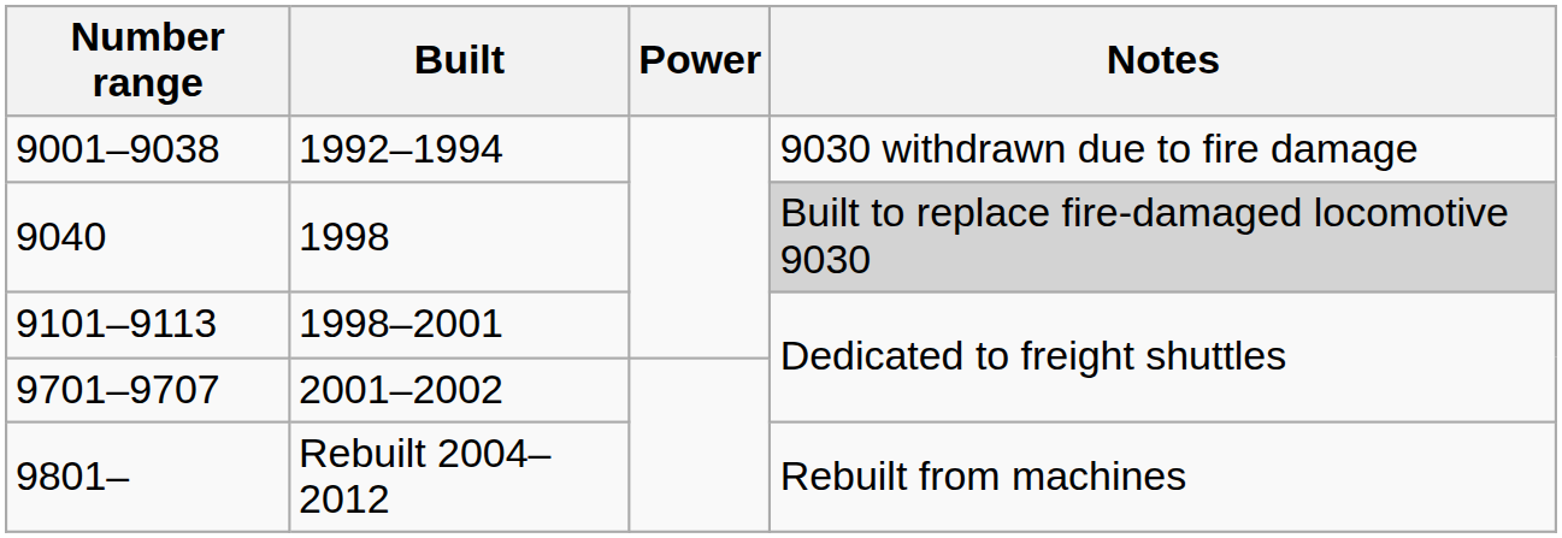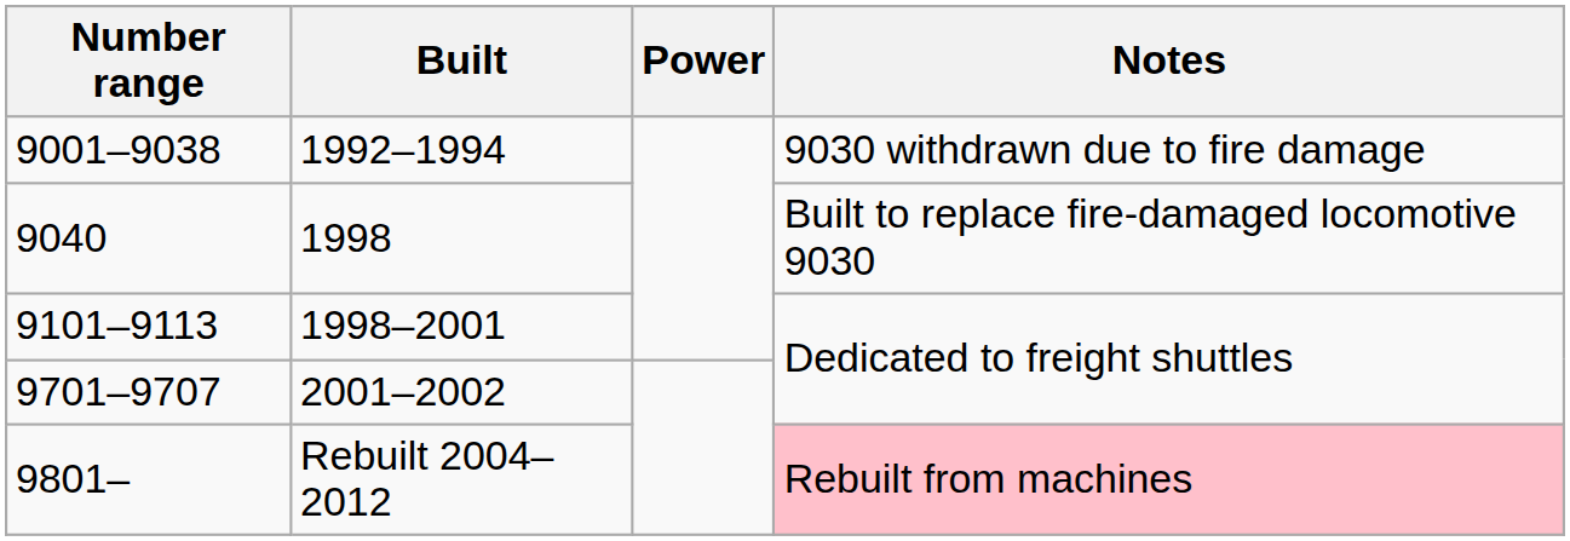 <table class="wikitable">
 <tr>
 <th>Number range</th>
 <th>Built</th>
 <th>Power</th>
 <th>Notes</th>
 </tr>
 <tr>
 <td>9001–9038</td>
 <td>1992–1994</td>
 <td rowspan=3></td>
 <td>9030 withdrawn due to fire damage</td>
 </tr>
 <tr>
 <td>9040</td>
 <td>1998</td>
-<td style="background: lightgrey;">Built to replace fire-damaged locomotive 9030</td>
+<td>Built to replace fire-damaged locomotive 9030</td>
 </tr>
 <tr>
 <td>9101–9113</td>
 <td>1998–2001</td>
 <td rowspan=2>Dedicated to freight shuttles</td>
 </tr>
 <tr>
 <td>9701–9707</td>
 <td>2001–2002</td>
 <td rowspan=2></td>
 </tr>
 <tr>
 <td>9801–</td>
 <td>Rebuilt 2004–2012</td>
-<td>Rebuilt from  machines</td>
+<td style="background: pink;">Rebuilt from  machines</td>
 </tr>
 </table>
